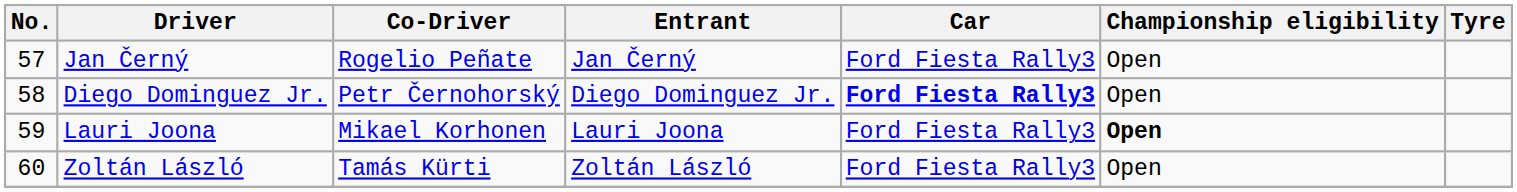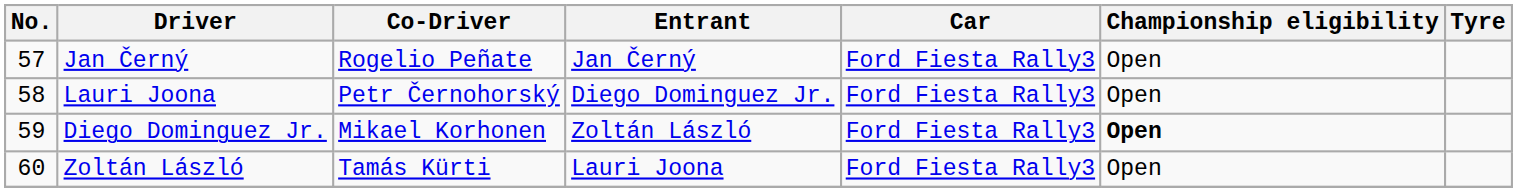 <table class="wikitable" style="font-size: 85%;">
 <tr>
 <th>No.</th>
 <th>Driver</th>
 <th>Co-Driver</th>
 <th>Entrant</th>
 <th>Car</th>
 <th>Championship eligibility</th>
 <th>Tyre</th>
 </tr>
 <tr>
 <td align="center">57</td>
 <td> <a href='#'>Jan Černý</a></td>
 <td> <a href='#'>Rogelio Peñate</a></td>
 <td> <a href='#'>Jan Černý</a></td>
 <td><a href='#'>Ford Fiesta Rally3</a></td>
 <td>Open</td>
 <td align="center"></td>
 </tr>
 <tr>
 <td align="center">58</td>
-<td> <a href='#'>Diego Dominguez Jr.</a></td>
+<td> <a href='#'>Lauri Joona</a></td>
 <td> <a href='#'>Petr Černohorský</a></td>
 <td> <a href='#'>Diego Dominguez Jr.</a></td>
-<td><strong><a href='#'>Ford Fiesta Rally3</a></strong></td>
+<td><a href='#'>Ford Fiesta Rally3</a></td>
 <td>Open</td>
 <td align="center"></td>
 </tr>
 <tr>
 <td align="center">59</td>
-<td> <a href='#'>Lauri Joona</a></td>
+<td> <a href='#'>Diego Dominguez Jr.</a></td>
 <td> <a href='#'>Mikael Korhonen</a></td>
-<td> <a href='#'>Lauri Joona</a></td>
+<td> <a href='#'>Zoltán László</a></td>
 <td><a href='#'>Ford Fiesta Rally3</a></td>
 <td><strong>Open</strong></td>
 <td align="center"></td>
 </tr>
 <tr>
 <td align="center">60</td>
 <td> <a href='#'>Zoltán László</a></td>
 <td> <a href='#'>Tamás Kürti</a></td>
-<td> <a href='#'>Zoltán László</a></td>
+<td> <a href='#'>Lauri Joona</a></td>
 <td><a href='#'>Ford Fiesta Rally3</a></td>
 <td>Open</td>
 <td align="center"></td>
 </tr>
 <tr>
 </tr>
 </table>
